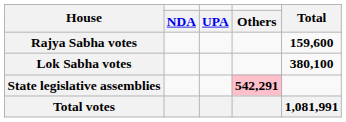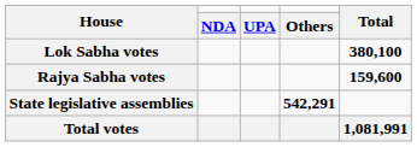 <table class="wikitable" style="text-align:center">
 <tr>
 <th rowspan=2>House</th>
 <td></td>
 <td></td>
 <td></td>
 <th rowspan=2>Total</th>
 </tr>
 <tr>
 <th><a href='#'>NDA</a></th>
 <th><a href='#'>UPA</a></th>
 <th>Others</th>
 </tr>
 <tr>
+<th>Lok Sabha votes</th>
+<td></td>
+<td></td>
+<td></td>
+<td><strong>380,100</strong></td>
+</tr>
+<tr>
 <th>Rajya Sabha votes</th>
 <td></td>
 <td></td>
 <td></td>
 <td><strong>159,600</strong><br></td>
 </tr>
 <tr>
-<th>Lok Sabha votes</th>
-<td></td>
-<td></td>
-<td></td>
-<td><strong>380,100</strong></td>
-</tr>
-<tr>
 <th Alliance}}>State legislative assemblies</th>
 <td></td>
 <td></td>
-<td style="background: pink;"><strong>542,291</strong><br></td>
+<td><strong>542,291</strong><br></td>
 </tr>
 <tr>
 <th>Total votes</th>
 <th></th>
 <th></th>
 <th></th>
 <th>1,081,991</th>
 </tr>
 </table>
